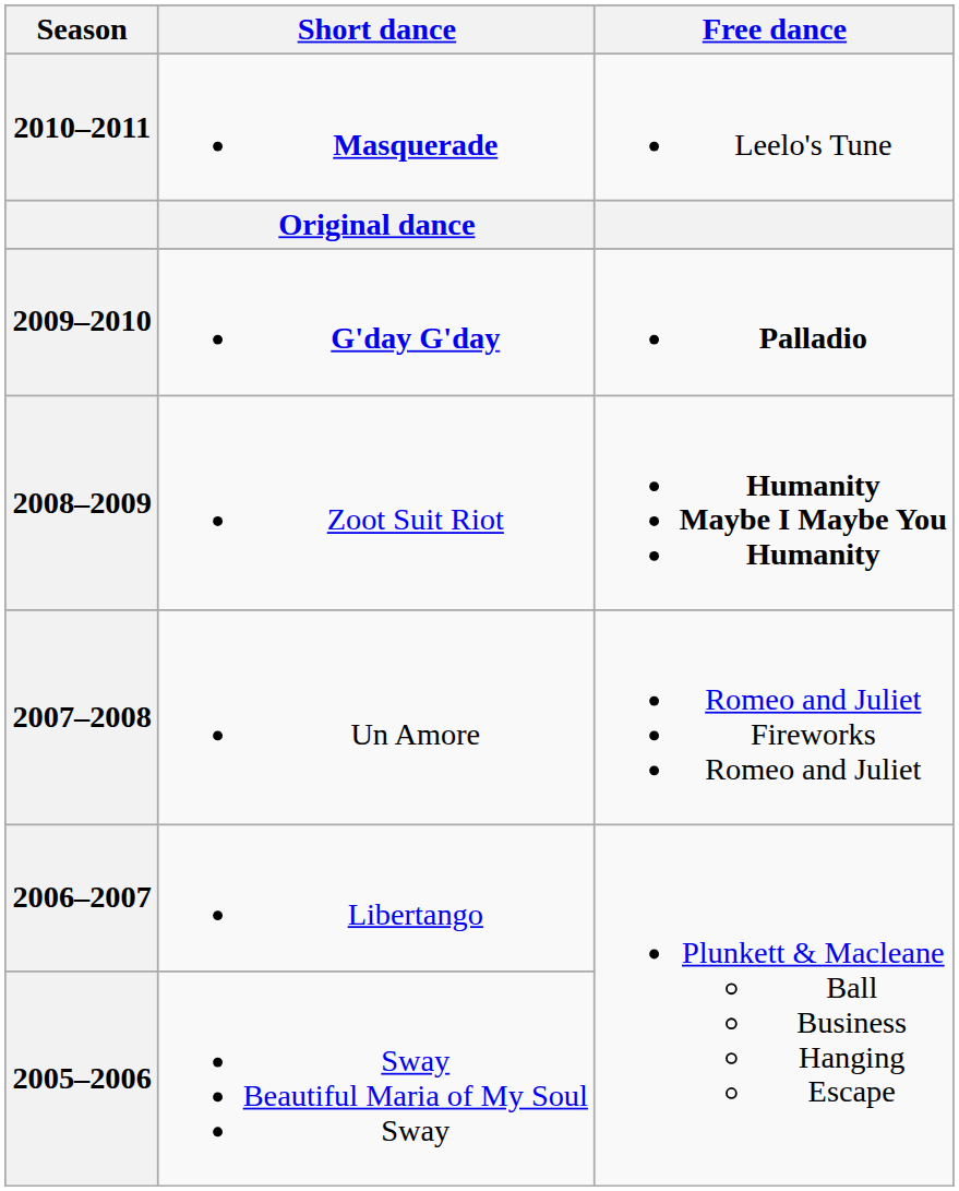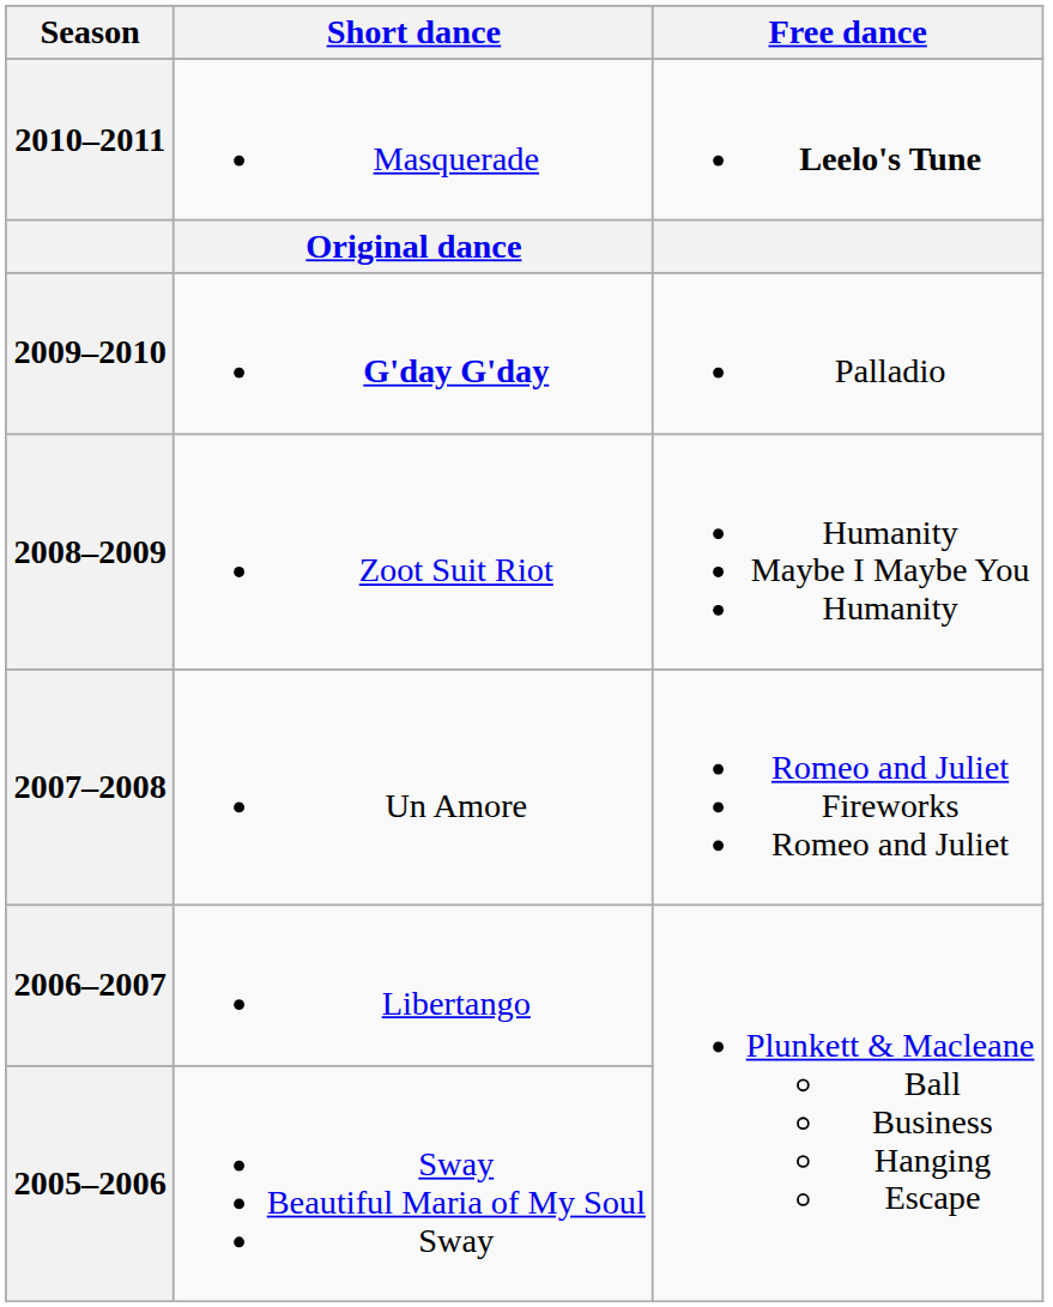 <table class=wikitable style=text-align:center>
 <tr>
 <th>Season</th>
 <th><a href='#'>Short dance</a></th>
 <th><a href='#'>Free dance</a></th>
 </tr>
 <tr>
 <th>2010–2011 <br></th>
-<td><strong><br><ul><li> <a href='#'>Masquerade</a> <br></li></ul></strong></td>
-<td><br><ul><li>Leelo's Tune <br></li></ul></td>
+<td><br><ul><li> <a href='#'>Masquerade</a> <br></li></ul></td>
+<td><strong><br><ul><li>Leelo's Tune <br></li></ul></strong></td>
 </tr>
 <tr>
 <th></th>
 <th><a href='#'>Original dance</a></th>
 <th></th>
 </tr>
 <tr>
 <th>2009–2010 <br></th>
 <td><strong><br><ul><li> <a href='#'>G'day G'day</a> <br></li></ul></strong></td>
-<td><strong><br><ul><li>Palladio <br></li></ul></strong></td>
+<td><br><ul><li>Palladio <br></li></ul></td>
 </tr>
 <tr>
 <th>2008–2009 <br></th>
 <td><br><ul><li> <a href='#'>Zoot Suit Riot</a> <br></li></ul></td>
-<td><strong><br><ul><li>Humanity <br></li><li>Maybe I Maybe You <br></li><li>Humanity <br></li></ul></strong></td>
+<td><br><ul><li>Humanity <br></li><li>Maybe I Maybe You <br></li><li>Humanity <br></li></ul></td>
 </tr>
 <tr>
 <th>2007–2008 <br></th>
 <td><br><ul><li> Un Amore <br></li></ul></td>
 <td><br><ul><li><a href='#'>Romeo and Juliet</a> <br></li><li>Fireworks <br></li><li>Romeo and Juliet <br></li></ul></td>
 </tr>
 <tr>
 <th>2006–2007 <br></th>
 <td><br><ul><li> <a href='#'>Libertango</a> <br></li></ul></td>
 <td rowspan=2><br><ul><li><a href='#'>Plunkett & Macleane</a> <br><ul><li>Ball</li><li>Business</li><li>Hanging</li><li>Escape <br></li></ul></li></ul></td>
 </tr>
 <tr>
 <th>2005–2006 <br></th>
 <td><br><ul><li> <a href='#'>Sway</a> <br></li><li> <a href='#'>Beautiful Maria of My Soul</a> <br></li><li> Sway <br></li></ul></td>
 </tr>
 </table>
